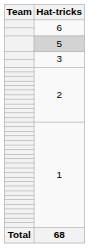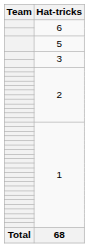 <table class="wikitable plainrowheaders">
 <tr>
 <th scope="col">Team</th>
 <th scope="col">Hat-tricks</th>
 </tr>
 <tr>
 <th scope="row"></th>
 <td rowspan="2" style="text-align:center">6</td>
 </tr>
 <tr>
 <th scope="row"></th>
 </tr>
 <tr>
 <th scope="row"></th>
-<td style="background: lightgrey; text-align:center">5</td>
+<td style="text-align:center">5</td>
 </tr>
 <tr>
 <th scope="row"></th>
 <td style="text-align:center" rowspan="2">3</td>
 </tr>
 <tr>
 <th scope="row"></th>
 </tr>
 <tr>
 <th scope="row"></th>
 <td style="text-align:center" rowspan="12">2</td>
 </tr>
 <tr>
 <th scope="row"></th>
 </tr>
 <tr>
 <th scope="row"></th>
 </tr>
 <tr>
 <th scope="row"></th>
 </tr>
 <tr>
 <th scope="row"></th>
 </tr>
 <tr>
 <th scope="row"></th>
 </tr>
 <tr>
 <th scope="row"></th>
 </tr>
 <tr>
 <th scope="row"></th>
 </tr>
 <tr>
 <th scope="row"></th>
 </tr>
 <tr>
 <th scope="row"></th>
 </tr>
 <tr>
 <th scope="row"></th>
 </tr>
 <tr>
 <th scope="row"></th>
 </tr>
 <tr>
 <th scope="row"></th>
 <td rowspan="23" style="text-align:center">1</td>
 </tr>
 <tr>
 <th scope="row"></th>
 </tr>
 <tr>
 <th scope="row"></th>
 </tr>
 <tr>
 <th scope="row"></th>
 </tr>
 <tr>
 <th scope="row"></th>
 </tr>
 <tr>
 <th scope="row"></th>
 </tr>
 <tr>
 <th scope="row"></th>
 </tr>
 <tr>
 <th scope="row"></th>
 </tr>
 <tr>
 <th scope="row"></th>
 </tr>
 <tr>
 <th scope="row"></th>
 </tr>
 <tr>
 <th scope="row"></th>
 </tr>
 <tr>
 <th scope="row"></th>
 </tr>
 <tr>
 <th scope="row"></th>
 </tr>
 <tr>
 <th scope="row"></th>
 </tr>
 <tr>
 <th scope="row"></th>
 </tr>
 <tr>
 <th scope="row"></th>
 </tr>
 <tr>
 <th scope="row"></th>
 </tr>
 <tr>
 <th scope="row"></th>
 </tr>
 <tr>
 <th scope="row"></th>
 </tr>
 <tr>
 <th scope="row"></th>
 </tr>
 <tr>
 <th scope="row"></th>
 </tr>
 <tr>
 <th scope="row"></th>
 </tr>
 <tr>
 <th scope="row"></th>
 </tr>
 <tr>
 <th>Total</th>
 <th>68</th>
 </tr>
 </table>
